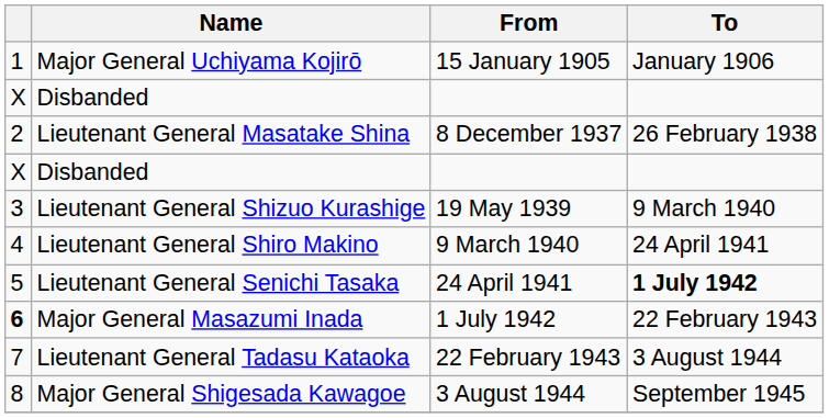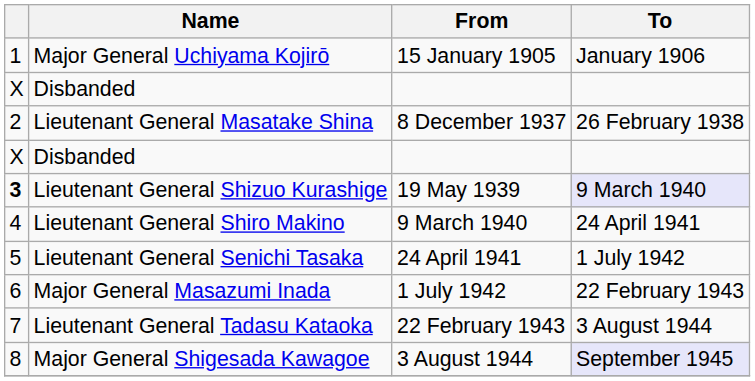 <table class=wikitable>
 <tr>
 <th></th>
 <th>Name</th>
 <th>From</th>
 <th>To</th>
 </tr>
 <tr>
 <td>1</td>
 <td>Major General <a href='#'>Uchiyama Kojirō</a></td>
 <td>15 January 1905</td>
 <td>January 1906</td>
 </tr>
 <tr>
 <td>X</td>
 <td>Disbanded</td>
 <td></td>
 <td></td>
 </tr>
 <tr>
 <td>2</td>
 <td>Lieutenant General <a href='#'>Masatake Shina</a></td>
 <td>8 December 1937</td>
 <td>26 February 1938</td>
 </tr>
 <tr>
 <td>X</td>
 <td>Disbanded</td>
 <td></td>
 <td></td>
 </tr>
 <tr>
-<td>3</td>
+<td><strong>3</strong></td>
 <td>Lieutenant General <a href='#'>Shizuo Kurashige</a></td>
 <td>19 May 1939</td>
-<td>9 March 1940</td>
+<td style="background: lavender;">9 March 1940</td>
 </tr>
 <tr>
 <td>4</td>
 <td>Lieutenant General <a href='#'>Shiro Makino</a></td>
 <td>9 March 1940</td>
 <td>24 April 1941</td>
 </tr>
 <tr>
 <td>5</td>
 <td>Lieutenant General <a href='#'>Senichi Tasaka</a></td>
 <td>24 April 1941</td>
-<td><strong>1 July 1942</strong></td>
+<td>1 July 1942</td>
 </tr>
 <tr>
-<td><strong>6</strong></td>
+<td>6</td>
 <td>Major General <a href='#'>Masazumi Inada</a></td>
 <td>1 July 1942</td>
 <td>22 February 1943</td>
 </tr>
 <tr>
 <td>7</td>
 <td>Lieutenant General <a href='#'>Tadasu Kataoka</a></td>
 <td>22 February 1943</td>
 <td>3 August 1944</td>
 </tr>
 <tr>
 <td>8</td>
 <td>Major General <a href='#'>Shigesada Kawagoe</a></td>
 <td>3 August 1944</td>
-<td>September 1945</td>
+<td style="background: lavender;">September 1945</td>
 </tr>
 <tr>
 </tr>
 </table>
